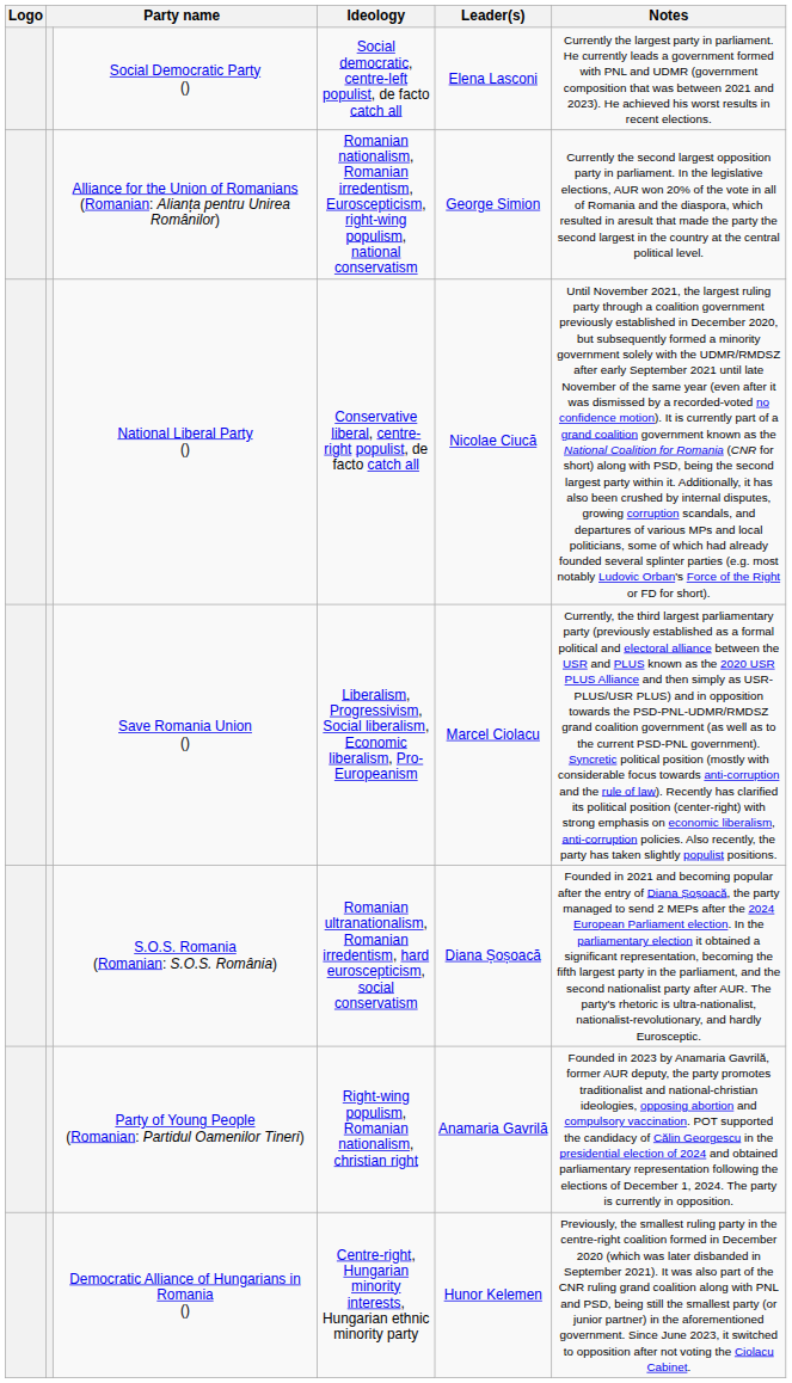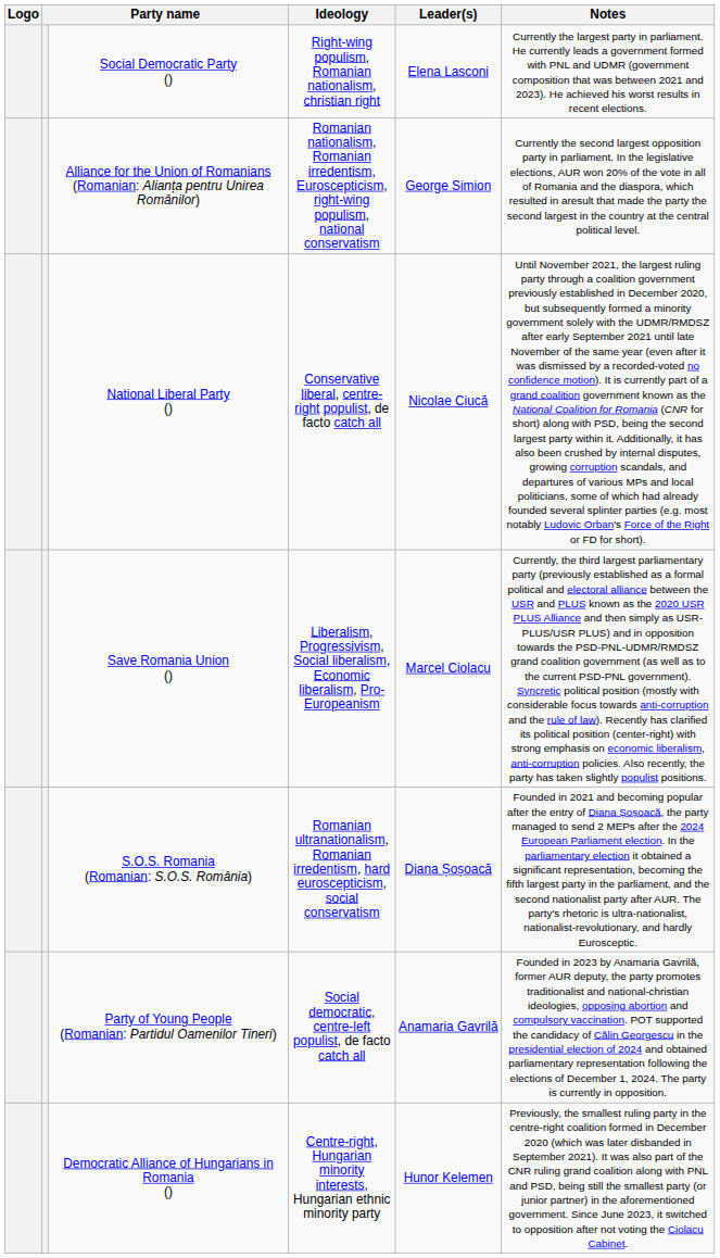 <table class="wikitable" width=100%>
 <tr>
 <th>Logo</th>
 <th colspan=2>Party name</th>
 <th rowspan=1 width=15%>Ideology</th>
 <th rowspan=1 width=15%>Leader(s)</th>
 <th rowspan=1 width=30%>Notes</th>
 </tr>
 <tr style="text-align:center;">
 <th></th>
 <th style="background-color: "></th>
 <td><a href='#'>Social Democratic Party</a><br> ()</td>
-<td><a href='#'>Social democratic</a>, <a href='#'>centre-left</a> <a href='#'>populist</a>, de facto <a href='#'>catch all</a></td>
+<td><a href='#'>Right-wing populism</a>, <a href='#'>Romanian nationalism</a>, <a href='#'>christian right</a></td>
 <td><a href='#'>Elena Lasconi</a></td>
 <td><small>Currently the largest party in parliament. He currently leads a government formed with PNL and UDMR (government composition that was between 2021 and 2023). He achieved his worst results in recent elections.</small></td>
 </tr>
 <tr style="text-align:center;">
 <th></th>
 <th style="background-color: "></th>
 <td><a href='#'>Alliance for the Union of Romanians</a><br>(<a href='#'>Romanian</a>: <em>Alianța pentru Unirea Românilor</em>)</td>
 <td><a href='#'>Romanian nationalism</a>, <a href='#'>Romanian irredentism</a>, <a href='#'>Euroscepticism</a>, <a href='#'>right-wing populism</a>, <a href='#'>national conservatism</a></td>
 <td><a href='#'>George Simion</a></td>
 <td><small>Currently the second largest opposition party in parliament. In the legislative elections, AUR won 20% of the vote in all of Romania and the diaspora, which resulted in aresult that made the party the second largest in the country at the central political level.</small></td>
 </tr>
 <tr style="text-align:center;">
 <th></th>
 <th style="background-color: "></th>
 <td><a href='#'>National Liberal Party</a><br> ()</td>
 <td><a href='#'>Conservative liberal</a>, <a href='#'>centre-right</a> <a href='#'>populist</a>, de facto <a href='#'>catch all</a></td>
 <td><a href='#'>Nicolae Ciucă</a></td>
 <td><small>Until November 2021, the largest ruling party through a coalition government previously established in December 2020, but subsequently formed a minority government solely with the UDMR/RMDSZ after early September 2021 until late November of the same year (even after it was dismissed by a recorded-voted <a href='#'>no confidence motion</a>). It is currently part of a <a href='#'>grand coalition</a> government known as the <em><a href='#'>National Coalition for Romania</a></em> (<em>CNR</em> for short) along with PSD, being the second largest party within it. Additionally, it has also been crushed by internal disputes, growing <a href='#'>corruption</a> scandals, and departures of various MPs and local politicians, some of which had already founded several splinter parties (e.g. most notably <a href='#'>Ludovic Orban</a>'s <a href='#'>Force of the Right</a> or FD for short).</small></td>
 </tr>
 <tr style="text-align:center;">
 <th></th>
 <th style="background-color: "></th>
 <td><a href='#'>Save Romania Union</a><br> ()</td>
 <td><a href='#'>Liberalism</a>, <a href='#'>Progressivism</a>, <a href='#'>Social liberalism</a>, <a href='#'>Economic liberalism</a>, <a href='#'>Pro-Europeanism</a></td>
 <td><a href='#'>Marcel Ciolacu</a></td>
 <td><small>Currently, the third largest parliamentary party (previously established as a formal political and <a href='#'>electoral alliance</a> between the <a href='#'>USR</a> and <a href='#'>PLUS</a> known as the <a href='#'>2020 USR PLUS Alliance</a> and then simply as USR-PLUS/USR PLUS) and in opposition towards the PSD-PNL-UDMR/RMDSZ grand coalition government (as well as to the current PSD-PNL government). <a href='#'>Syncretic</a> political position (mostly with considerable focus towards <a href='#'>anti-corruption</a> and the <a href='#'>rule of law</a>). Recently has clarified its political position (center-right) with strong emphasis on <a href='#'>economic liberalism</a>, <a href='#'>anti-corruption</a> policies. Also recently, the party has taken slightly <a href='#'>populist</a> positions.</small></td>
 </tr>
 <tr style="text-align:center;">
 <th></th>
 <th style="background-color: "></th>
 <td><a href='#'>S.O.S. Romania</a><br>(<a href='#'>Romanian</a>: <em>S.O.S. România</em>)</td>
 <td><a href='#'>Romanian</a> <a href='#'>ultranationalism</a>, <a href='#'>Romanian irredentism</a>, <a href='#'>hard euroscepticism</a>, <a href='#'>social conservatism</a></td>
 <td><a href='#'>Diana Șoșoacă</a></td>
 <td><small>Founded in 2021 and becoming popular after the entry of <a href='#'>Diana Șoșoacă</a>, the party managed to send 2 MEPs after the <a href='#'>2024 European Parliament election</a>. In the <a href='#'>parliamentary election</a> it obtained a significant representation, becoming the fifth largest party in the parliament, and the second nationalist party after AUR. The party's rhetoric is ultra-nationalist, nationalist-revolutionary, and hardly Eurosceptic.</small></td>
 </tr>
 <tr style="text-align:center;">
 <th></th>
 <th style="background-color: "></th>
 <td><a href='#'>Party of Young People</a><br>(<a href='#'>Romanian</a>: <em>Partidul Oamenilor Tineri</em>)</td>
-<td><a href='#'>Right-wing populism</a>, <a href='#'>Romanian nationalism</a>, <a href='#'>christian right</a></td>
+<td><a href='#'>Social democratic</a>, <a href='#'>centre-left</a> <a href='#'>populist</a>, de facto <a href='#'>catch all</a></td>
 <td><a href='#'>Anamaria Gavrilă</a></td>
 <td><small>Founded in 2023 by Anamaria Gavrilă, former AUR deputy, the party promotes traditionalist and national-christian ideologies, <a href='#'>opposing abortion</a> and <a href='#'>compulsory vaccination</a>. POT supported the candidacy of <a href='#'>Călin Georgescu</a> in the <a href='#'>presidential election of 2024</a> and obtained parliamentary representation following the elections of December 1, 2024. The party is currently in opposition.</small></td>
 </tr>
 <tr style="text-align:center;">
 <th></th>
 <th style="background-color: "></th>
 <td><a href='#'>Democratic Alliance of Hungarians in Romania</a><br> ()</td>
 <td><a href='#'>Centre-right</a>, <a href='#'>Hungarian minority interests</a>, Hungarian ethnic minority party</td>
 <td><a href='#'>Hunor Kelemen</a></td>
 <td><small>Previously, the smallest ruling party in the centre-right coalition formed in December 2020 (which was later disbanded in September 2021). It was also part of the CNR ruling grand coalition along with PNL and PSD, being still the smallest party (or junior partner) in the aforementioned government. Since June 2023, it switched to opposition after not voting the <a href='#'>Ciolacu Cabinet</a>.</small></td>
 </tr>
 </table>
